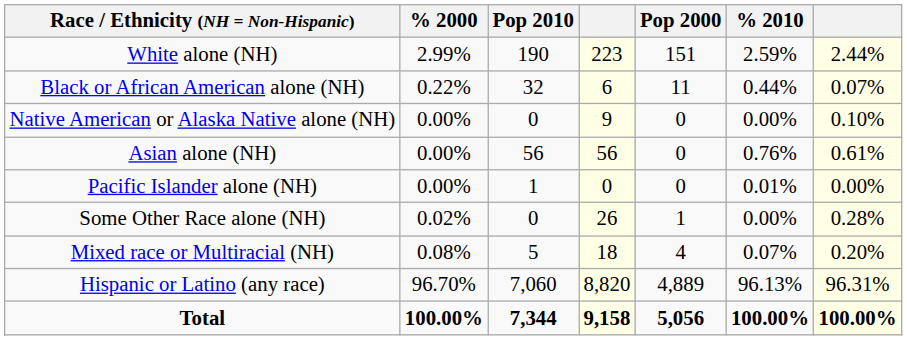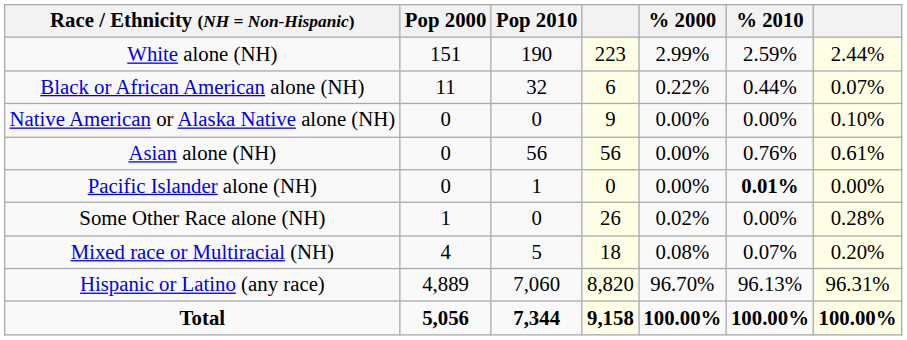 <table class="wikitable" style="text-align:center;">
 <tr>
 <th>Race / Ethnicity <small>(<em>NH = Non-Hispanic</em>)</small></th>
-<th>% 2000</th>
+<th>Pop 2000</th>
 <th>Pop 2010</th>
 <th></th>
-<th>Pop 2000</th>
+<th>% 2000</th>
 <th>% 2010</th>
 <th></th>
 </tr>
 <tr>
 <td><a href='#'>White</a> alone (NH)</td>
-<td>2.99%</td>
+<td>151</td>
 <td>190</td>
 <td style='background: #ffffe6;'>223</td>
-<td>151</td>
+<td>2.99%</td>
 <td>2.59%</td>
 <td style='background: #ffffe6;'>2.44%</td>
 </tr>
 <tr>
 <td><a href='#'>Black or African American</a> alone (NH)</td>
-<td>0.22%</td>
+<td>11</td>
 <td>32</td>
 <td style='background: #ffffe6;'>6</td>
-<td>11</td>
+<td>0.22%</td>
 <td>0.44%</td>
 <td style='background: #ffffe6;'>0.07%</td>
 </tr>
 <tr>
 <td><a href='#'>Native American</a> or <a href='#'>Alaska Native</a> alone (NH)</td>
-<td>0.00%</td>
+<td>0</td>
 <td>0</td>
 <td style='background: #ffffe6;'>9</td>
-<td>0</td>
+<td>0.00%</td>
 <td>0.00%</td>
 <td style='background: #ffffe6;'>0.10%</td>
 </tr>
 <tr>
 <td><a href='#'>Asian</a> alone (NH)</td>
-<td>0.00%</td>
+<td>0</td>
 <td>56</td>
 <td style='background: #ffffe6;'>56</td>
-<td>0</td>
+<td>0.00%</td>
 <td>0.76%</td>
 <td style='background: #ffffe6;'>0.61%</td>
 </tr>
 <tr>
 <td><a href='#'>Pacific Islander</a> alone (NH)</td>
-<td>0.00%</td>
+<td>0</td>
 <td>1</td>
 <td style='background: #ffffe6;'>0</td>
-<td>0</td>
-<td>0.01%</td>
+<td>0.00%</td>
+<td><strong>0.01%</strong></td>
 <td style='background: #ffffe6;'>0.00%</td>
 </tr>
 <tr>
 <td>Some Other Race alone (NH)</td>
-<td>0.02%</td>
+<td>1</td>
 <td>0</td>
 <td style='background: #ffffe6;'>26</td>
-<td>1</td>
+<td>0.02%</td>
 <td>0.00%</td>
 <td style='background: #ffffe6;'>0.28%</td>
 </tr>
 <tr>
 <td><a href='#'>Mixed race or Multiracial</a> (NH)</td>
-<td>0.08%</td>
+<td>4</td>
 <td>5</td>
 <td style='background: #ffffe6;'>18</td>
-<td>4</td>
+<td>0.08%</td>
 <td>0.07%</td>
 <td style='background: #ffffe6;'>0.20%</td>
 </tr>
 <tr>
 <td><a href='#'>Hispanic or Latino</a> (any race)</td>
-<td>96.70%</td>
+<td>4,889</td>
 <td>7,060</td>
 <td style='background: #ffffe6;'>8,820</td>
-<td>4,889</td>
+<td>96.70%</td>
 <td>96.13%</td>
 <td style='background: #ffffe6;'>96.31%</td>
 </tr>
 <tr>
 <td><strong>Total</strong></td>
-<td><strong>100.00%</strong></td>
+<td><strong>5,056</strong></td>
 <td><strong>7,344</strong></td>
 <td style='background: #ffffe6;'><strong>9,158</strong></td>
-<td><strong>5,056</strong></td>
+<td><strong>100.00%</strong></td>
 <td><strong>100.00%</strong></td>
 <td style='background: #ffffe6;'><strong>100.00%</strong></td>
 </tr>
 </table>
